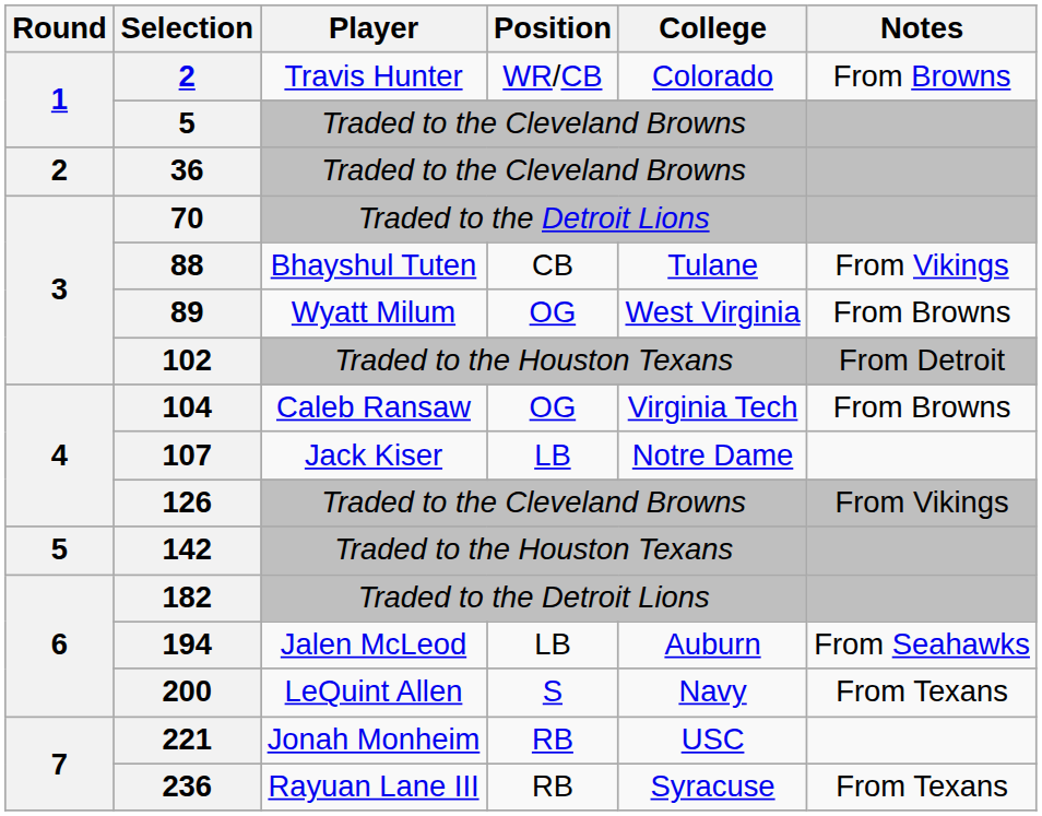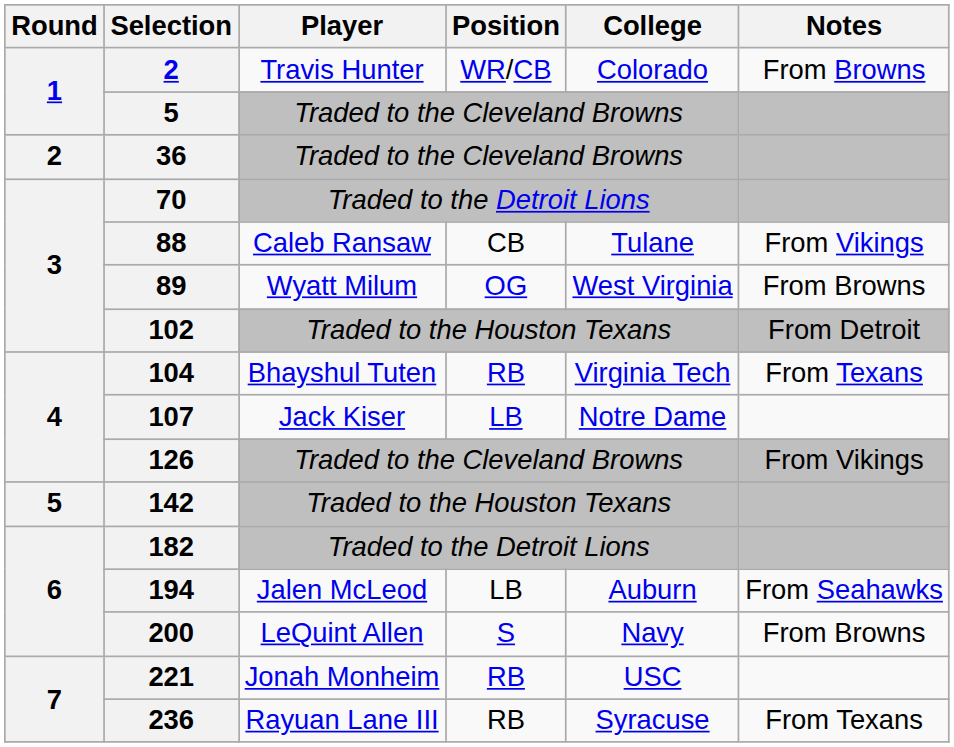 <table class="wikitable" style="text-align:center">
 <tr>
 <th>Round</th>
 <th>Selection</th>
 <th>Player</th>
 <th>Position</th>
 <th>College</th>
 <th>Notes</th>
 </tr>
 <tr>
 <th rowspan="2"><a href='#'>1</a></th>
 <th><a href='#'>2</a></th>
 <td><a href='#'>Travis Hunter</a></td>
 <td><a href='#'>WR</a>/<a href='#'>CB</a></td>
 <td><a href='#'>Colorado</a></td>
 <td>From <a href='#'>Browns</a></td>
 </tr>
 <tr>
 <th>5</th>
 <td colspan="3" style="background:#BFBFBF"><em>Traded to the Cleveland Browns</em></td>
 <td style="background:#BFBFBF"></td>
 </tr>
 <tr>
 <th>2</th>
 <th>36</th>
 <td colspan="3" style="background:#BFBFBF"><em>Traded to the Cleveland Browns</em></td>
 <td style="background:#BFBFBF"></td>
 </tr>
 <tr>
 <th rowspan="4">3</th>
 <th>70</th>
 <td colspan="3" style="background:#BFBFBF"><em>Traded to the <a href='#'>Detroit Lions</a></em></td>
 <td style="background:#BFBFBF"></td>
 </tr>
 <tr>
 <th>88</th>
-<td><a href='#'>Bhayshul Tuten</a></td>
+<td><a href='#'>Caleb Ransaw</a></td>
 <td>CB</td>
 <td><a href='#'>Tulane</a></td>
 <td>From <a href='#'>Vikings</a></td>
 </tr>
 <tr>
 <th>89</th>
 <td><a href='#'>Wyatt Milum</a></td>
 <td><a href='#'>OG</a></td>
 <td><a href='#'>West Virginia</a></td>
 <td>From Browns</td>
 </tr>
 <tr>
 <th>102</th>
 <td colspan="3" style="background:#BFBFBF"><em>Traded to the Houston Texans</em></td>
 <td style="background:#BFBFBF">From Detroit</td>
 </tr>
 <tr>
 <th rowspan="3">4</th>
 <th>104</th>
-<td><a href='#'>Caleb Ransaw</a></td>
-<td><a href='#'>OG</a></td>
+<td><a href='#'>Bhayshul Tuten</a></td>
+<td><a href='#'>RB</a></td>
 <td><a href='#'>Virginia Tech</a></td>
-<td>From Browns</td>
+<td>From <a href='#'>Texans</a></td>
 </tr>
 <tr>
 <th>107</th>
 <td><a href='#'>Jack Kiser</a></td>
 <td><a href='#'>LB</a></td>
 <td><a href='#'>Notre Dame</a></td>
 <td></td>
 </tr>
 <tr>
 <th>126</th>
 <td colspan="3" style="background:#BFBFBF"><em>Traded to the Cleveland Browns</em></td>
 <td style="background:#BFBFBF">From Vikings</td>
 </tr>
 <tr>
 <th>5</th>
 <th>142</th>
 <td colspan="3" style="background:#BFBFBF"><em>Traded to the Houston Texans</em></td>
 <td style="background:#BFBFBF"></td>
 </tr>
 <tr>
 <th rowspan="3">6</th>
 <th>182</th>
 <td colspan="3" style="background:#BFBFBF"><em>Traded to the Detroit Lions</em></td>
 <td style="background:#BFBFBF"></td>
 </tr>
 <tr>
 <th>194</th>
 <td><a href='#'>Jalen McLeod</a></td>
 <td>LB</td>
 <td><a href='#'>Auburn</a></td>
 <td>From <a href='#'>Seahawks</a></td>
 </tr>
 <tr>
 <th>200</th>
 <td><a href='#'>LeQuint Allen</a></td>
 <td><a href='#'>S</a></td>
 <td><a href='#'>Navy</a></td>
-<td>From Texans</td>
+<td>From Browns</td>
 </tr>
 <tr>
 <th rowspan="2">7</th>
 <th>221</th>
 <td><a href='#'>Jonah Monheim</a></td>
 <td><a href='#'>RB</a></td>
 <td><a href='#'>USC</a></td>
 <td></td>
 </tr>
 <tr>
 <th>236</th>
 <td><a href='#'>Rayuan Lane III</a></td>
 <td>RB</td>
 <td><a href='#'>Syracuse</a></td>
 <td>From Texans</td>
 </tr>
 </table>
